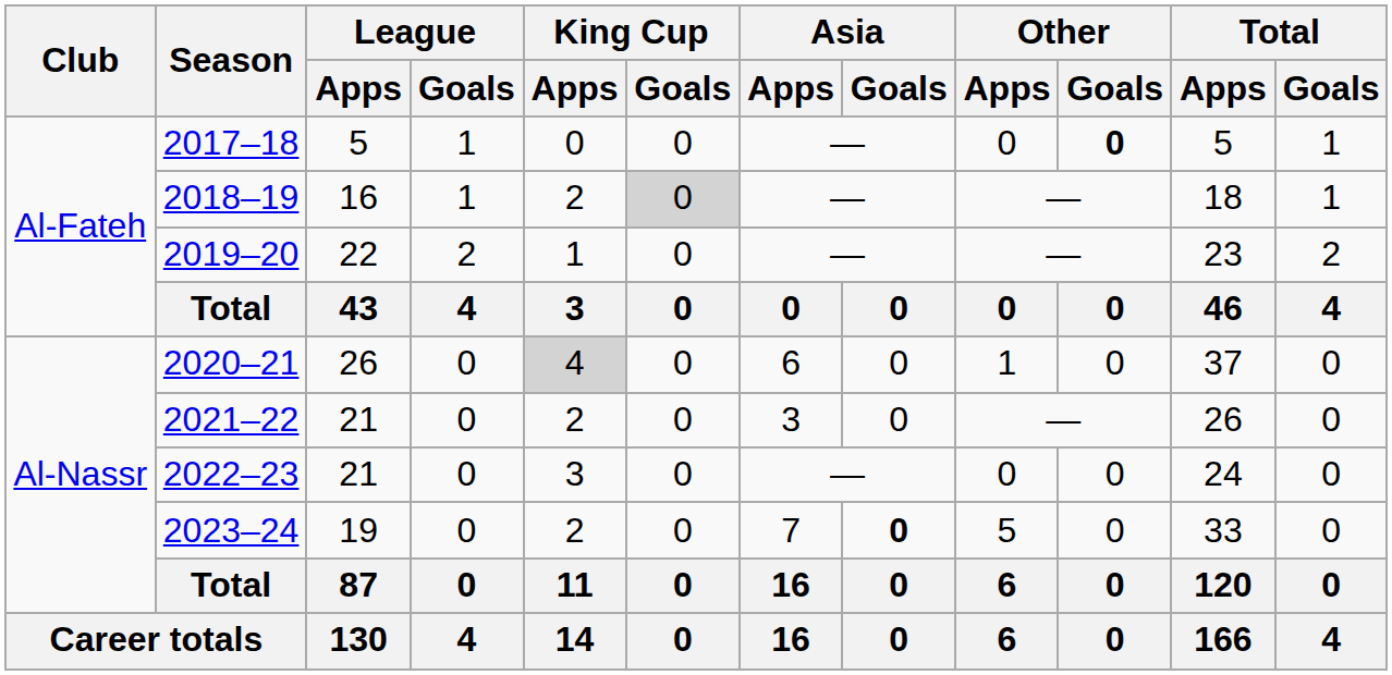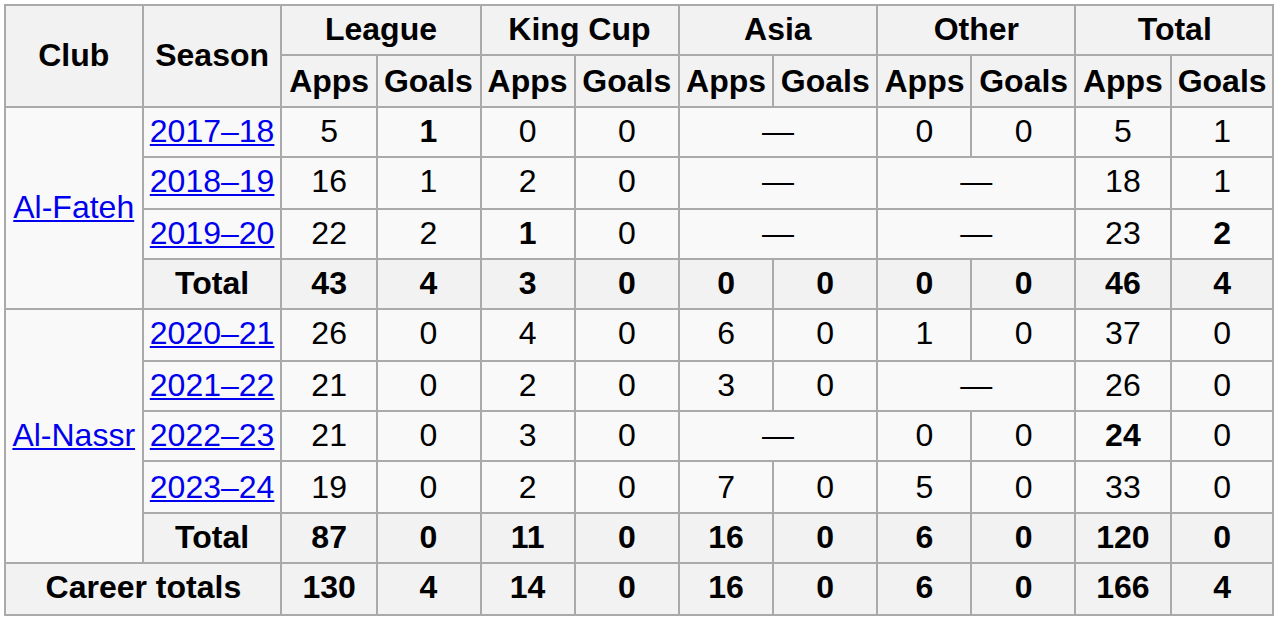 <table class="wikitable" style="text-align: center">
 <tr>
 <th rowspan=2>Club</th>
 <th rowspan=2>Season</th>
 <th colspan=2>League</th>
 <th colspan=2>King Cup</th>
 <th colspan=2>Asia</th>
 <th colspan=2>Other</th>
 <th colspan=2>Total</th>
 </tr>
 <tr>
 <th>Apps</th>
 <th>Goals</th>
 <th>Apps</th>
 <th>Goals</th>
 <th>Apps</th>
 <th>Goals</th>
 <th>Apps</th>
 <th>Goals</th>
 <th>Apps</th>
 <th>Goals</th>
 </tr>
 <tr>
 <td rowspan=4><a href='#'>Al-Fateh</a></td>
 <td><a href='#'>2017–18</a></td>
 <td>5</td>
-<td>1</td>
+<td><strong>1</strong></td>
 <td>0</td>
 <td>0</td>
 <td colspan=2>—</td>
 <td>0</td>
-<td><strong>0</strong></td>
+<td>0</td>
 <td>5</td>
 <td>1</td>
 </tr>
 <tr>
 <td><a href='#'>2018–19</a></td>
 <td>16</td>
 <td>1</td>
 <td>2</td>
-<td style="background: lightgrey;">0</td>
+<td>0</td>
 <td colspan=2>—</td>
 <td colspan=2>—</td>
 <td>18</td>
 <td>1</td>
 </tr>
 <tr>
 <td><a href='#'>2019–20</a></td>
 <td>22</td>
 <td>2</td>
-<td>1</td>
+<td><strong>1</strong></td>
 <td>0</td>
 <td colspan=2>—</td>
 <td colspan=2>—</td>
 <td>23</td>
-<td>2</td>
+<td><strong>2</strong></td>
 </tr>
 <tr>
 <th>Total</th>
 <th>43</th>
 <th>4</th>
 <th>3</th>
 <th>0</th>
 <th>0</th>
 <th>0</th>
 <th>0</th>
 <th>0</th>
 <th>46</th>
 <th>4</th>
 </tr>
 <tr>
 <td rowspan=5><a href='#'>Al-Nassr</a></td>
 <td><a href='#'>2020–21</a></td>
 <td>26</td>
 <td>0</td>
-<td style="background: lightgrey;">4</td>
+<td>4</td>
 <td>0</td>
 <td>6</td>
 <td>0</td>
 <td>1</td>
 <td>0</td>
 <td>37</td>
 <td>0</td>
 </tr>
 <tr>
 <td><a href='#'>2021–22</a></td>
 <td>21</td>
 <td>0</td>
 <td>2</td>
 <td>0</td>
 <td>3</td>
 <td>0</td>
 <td colspan=2>—</td>
 <td>26</td>
 <td>0</td>
 </tr>
 <tr>
 <td><a href='#'>2022–23</a></td>
 <td>21</td>
 <td>0</td>
 <td>3</td>
 <td>0</td>
 <td colspan=2>—</td>
 <td>0</td>
 <td>0</td>
-<td>24</td>
+<td><strong>24</strong></td>
 <td>0</td>
 </tr>
 <tr>
 <td><a href='#'>2023–24</a></td>
 <td>19</td>
 <td>0</td>
 <td>2</td>
 <td>0</td>
 <td>7</td>
-<td><strong>0</strong></td>
+<td>0</td>
 <td>5</td>
 <td>0</td>
 <td>33</td>
 <td>0</td>
 </tr>
 <tr>
 <th>Total</th>
 <th>87</th>
 <th>0</th>
 <th>11</th>
 <th>0</th>
 <th>16</th>
 <th>0</th>
 <th>6</th>
 <th>0</th>
 <th>120</th>
 <th>0</th>
 </tr>
 <tr>
 <th colspan=2>Career totals</th>
 <th>130</th>
 <th>4</th>
 <th>14</th>
 <th>0</th>
 <th>16</th>
 <th>0</th>
 <th>6</th>
 <th>0</th>
 <th>166</th>
 <th>4</th>
 </tr>
 </table>
